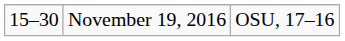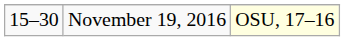 <table class="wikitable">
 <tr align="center">
 </tr>
 <tr align="center">
 <td>15–30</td>
 <td>November 19, 2016</td>
-<td>OSU, 17–16</td>
+<td style="background: lightyellow;">OSU, 17–16</td>
 </tr>
 </table>
